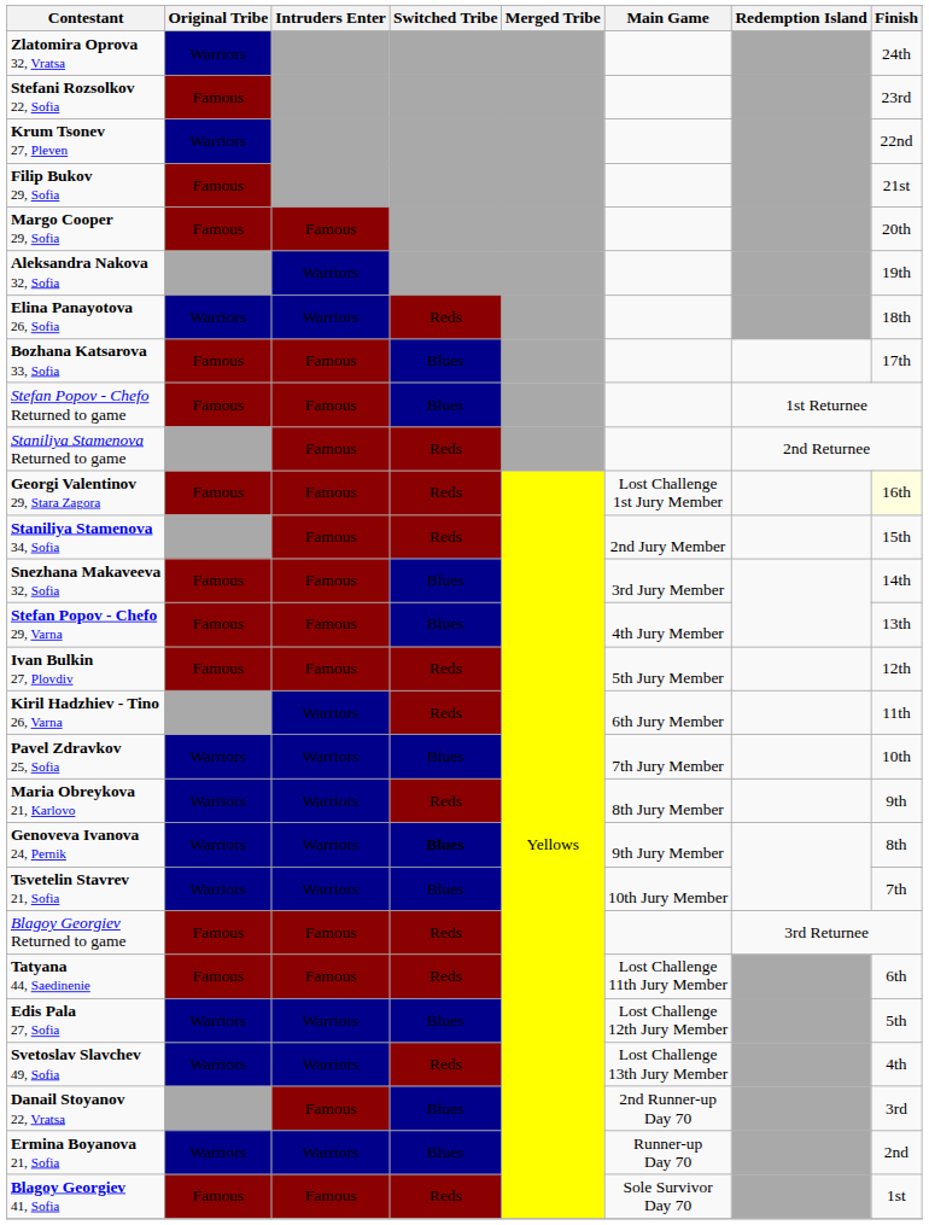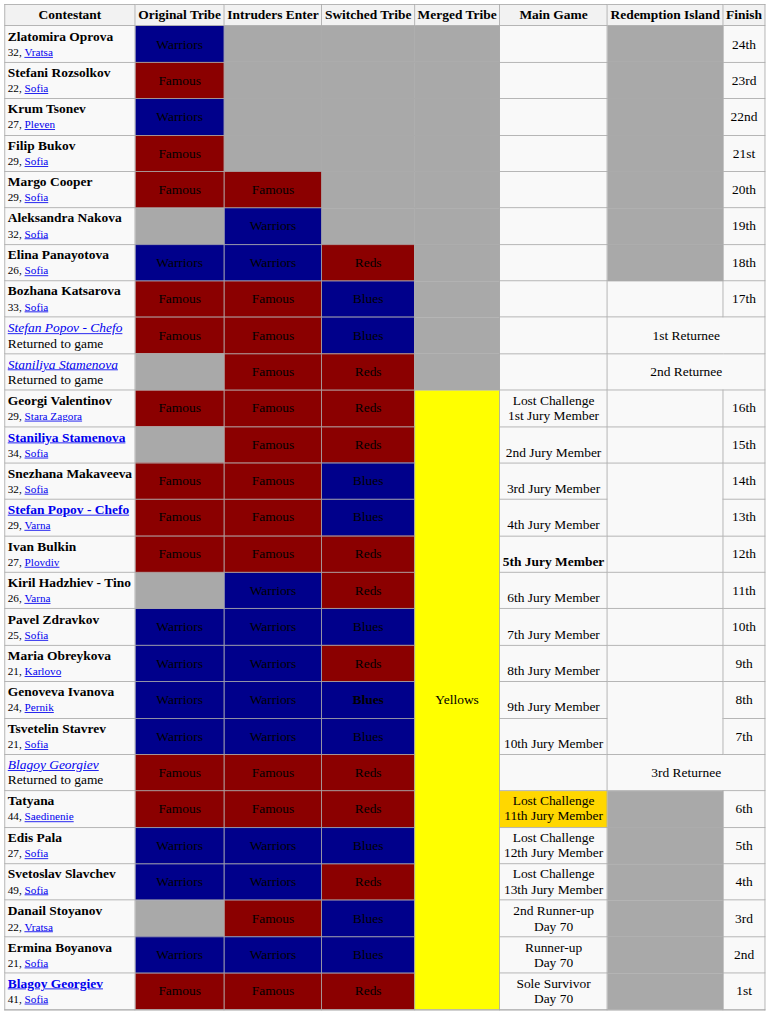 <table class="wikitable" style="margin:auto; text-align:center">
 <tr>
 <th>Contestant</th>
 <th>Original Tribe</th>
 <th>Intruders Enter</th>
 <th>Switched Tribe</th>
 <th>Merged Tribe</th>
 <th>Main Game</th>
 <th>Redemption Island</th>
 <th>Finish</th>
 </tr>
 <tr>
 <td align="left"><strong>Zlatomira Oprova</strong><br><small>32, <a href='#'>Vratsa</a></small></td>
 <td bgcolor="darkblue"><span>Warriors</span></td>
 <td bgcolor="darkgrey"></td>
 <td bgcolor="darkgrey"></td>
 <td bgcolor="darkgrey"></td>
 <td></td>
 <td bgcolor="darkgrey"></td>
 <td>24th</td>
 </tr>
 <tr>
 <td align="left"><strong>Stefani Rоzsolkov</strong><br><small>22, <a href='#'>Sofia</a></small></td>
 <td bgcolor="darkred"><span>Famous</span></td>
 <td bgcolor="darkgrey"></td>
 <td bgcolor="darkgrey"></td>
 <td bgcolor="darkgrey"></td>
 <td></td>
 <td bgcolor="darkgrey"></td>
 <td>23rd</td>
 </tr>
 <tr>
 <td align="left"><strong>Krum Tsonev</strong><br><small>27, <a href='#'>Pleven</a></small></td>
 <td bgcolor="darkblue"><span>Warriors</span></td>
 <td bgcolor="darkgrey"></td>
 <td bgcolor="darkgrey"></td>
 <td bgcolor="darkgrey"></td>
 <td></td>
 <td bgcolor="darkgrey"></td>
 <td>22nd</td>
 </tr>
 <tr>
 <td align="left"><strong>Filip Bukov</strong><br><small>29, <a href='#'>Sofia</a></small></td>
 <td bgcolor="darkred"><span>Famous</span></td>
 <td bgcolor="darkgrey"></td>
 <td bgcolor="darkgrey"></td>
 <td bgcolor="darkgrey"></td>
 <td></td>
 <td bgcolor="darkgrey"></td>
 <td>21st</td>
 </tr>
 <tr>
 <td align="left"><strong>Margo Cooper</strong><br><small>29, <a href='#'>Sofia</a></small></td>
 <td bgcolor="darkred"><span>Famous</span></td>
 <td bgcolor="darkred"><span>Famous</span></td>
 <td bgcolor="darkgrey"></td>
 <td bgcolor="darkgrey"></td>
 <td></td>
 <td bgcolor="darkgrey"></td>
 <td>20th</td>
 </tr>
 <tr>
 <td align="left"><strong>Aleksandra Nakova</strong><br><small>32, <a href='#'>Sofia</a></small></td>
 <td bgcolor="darkgrey"></td>
 <td bgcolor="darkblue"><span>Warriors</span></td>
 <td bgcolor="darkgrey"></td>
 <td bgcolor="darkgrey"></td>
 <td></td>
 <td bgcolor="darkgrey"></td>
 <td>19th</td>
 </tr>
 <tr>
 <td align="left"><strong>Elina Panayotova</strong><br><small>26, <a href='#'>Sofia</a></small></td>
 <td bgcolor="darkblue"><span>Warriors</span></td>
 <td bgcolor="darkblue"><span>Warriors</span></td>
 <td bgcolor="darkred"><span>Reds</span></td>
 <td bgcolor="darkgrey"></td>
 <td></td>
 <td bgcolor="darkgrey"></td>
 <td>18th</td>
 </tr>
 <tr>
 <td align="left"><strong>Bozhana Katsarova</strong><br><small>33, <a href='#'>Sofia</a></small></td>
 <td bgcolor="darkred"><span>Famous</span></td>
 <td bgcolor="darkred"><span>Famous</span></td>
 <td bgcolor="darkblue"><span>Blues</span></td>
 <td bgcolor="darkgrey"></td>
 <td></td>
 <td></td>
 <td>17th</td>
 </tr>
 <tr>
 <td align="left"><em><a href='#'>Stefan Popov - Chefo</a></em><br>Returned to game</td>
 <td bgcolor="darkred"><span>Famous</span></td>
 <td bgcolor="darkred"><span>Famous</span></td>
 <td bgcolor="darkblue"><span>Blues</span></td>
 <td bgcolor="darkgrey"></td>
 <td></td>
 <td colspan="2">1st Returnee</td>
 </tr>
 <tr>
 <td align="left"><em><a href='#'>Staniliya Stamenova</a></em><br>Returned to game</td>
 <td bgcolor="darkgrey"></td>
 <td bgcolor="darkred"><span>Famous</span></td>
 <td bgcolor="darkred"><span>Reds</span></td>
 <td bgcolor="darkgrey"></td>
 <td></td>
 <td colspan="2">2nd Returnee</td>
 </tr>
 <tr>
 <td align="left"><strong>Georgi Valentinov</strong><br><small>29, <a href='#'>Stara Zagora</a></small></td>
 <td bgcolor="darkred"><span>Famous</span></td>
 <td bgcolor="darkred"><span>Famous</span></td>
 <td bgcolor="darkred"><span>Reds</span></td>
 <td rowspan="17" bgcolor="yellow">Yellows</td>
 <td>Lost Challenge<br>1st Jury Member</td>
 <td></td>
-<td style="background: lightyellow;">16th</td>
+<td>16th</td>
 </tr>
 <tr>
 <td align="left"><strong><a href='#'>Staniliya Stamenova</a></strong><br><small>34, <a href='#'>Sofia</a></small></td>
 <td bgcolor="darkgrey"></td>
 <td bgcolor="darkred"><span>Famous</span></td>
 <td bgcolor="darkred"><span>Reds</span></td>
 <td><br>2nd Jury Member</td>
 <td></td>
 <td>15th</td>
 </tr>
 <tr>
 <td align="left"><strong>Snezhana Makaveeva</strong><br><small>32, <a href='#'>Sofia</a></small></td>
 <td bgcolor="darkred"><span>Famous</span></td>
 <td bgcolor="darkred"><span>Famous</span></td>
 <td bgcolor="darkblue"><span>Blues</span></td>
 <td><br>3rd Jury Member</td>
 <td rowspan="2"></td>
 <td>14th</td>
 </tr>
 <tr>
 <td align="left"><strong><a href='#'>Stefan Popov - Chefo</a></strong><br><small>29, <a href='#'>Varna</a></small></td>
 <td bgcolor="darkred"><span>Famous</span></td>
 <td bgcolor="darkred"><span>Famous</span></td>
 <td bgcolor="darkblue"><span>Blues</span></td>
 <td><br>4th Jury Member</td>
 <td>13th</td>
 </tr>
 <tr>
 <td align="left"><strong>Ivan Bulkin</strong><br><small>27, <a href='#'>Plovdiv</a></small></td>
 <td bgcolor="darkred"><span>Famous</span></td>
 <td bgcolor="darkred"><span>Famous</span></td>
 <td bgcolor="darkred"><span>Reds</span></td>
-<td><br>5th Jury Member</td>
+<td><strong><br>5th Jury Member</strong></td>
 <td></td>
 <td>12th</td>
 </tr>
 <tr>
 <td align="left"><strong>Kiril Hadzhiev - Tino</strong><br><small>26, <a href='#'>Varna</a></small></td>
 <td bgcolor="darkgrey"></td>
 <td bgcolor="darkblue"><span>Warriors</span></td>
 <td bgcolor="darkred"><span>Reds</span></td>
 <td><br>6th Jury Member</td>
 <td></td>
 <td>11th</td>
 </tr>
 <tr>
 <td align="left"><strong>Pavel Zdravkov</strong><br><small>25, <a href='#'>Sofia</a></small></td>
 <td bgcolor="darkblue"><span>Warriors</span></td>
 <td bgcolor="darkblue"><span>Warriors</span></td>
 <td bgcolor="darkblue"><span>Blues</span></td>
 <td><br>7th Jury Member</td>
 <td></td>
 <td>10th</td>
 </tr>
 <tr>
 <td align="left"><strong>Maria Obreykova</strong><br><small>21, <a href='#'>Karlovo</a></small></td>
 <td bgcolor="darkblue"><span>Warriors</span></td>
 <td bgcolor="darkblue"><span>Warriors</span></td>
 <td bgcolor="darkred"><span>Reds</span></td>
 <td><br>8th Jury Member</td>
 <td></td>
 <td>9th</td>
 </tr>
 <tr>
 <td align="left"><strong>Genoveva Ivanova</strong><br><small>24, <a href='#'>Pernik</a></small></td>
 <td bgcolor="darkblue"><span>Warriors</span></td>
 <td bgcolor="darkblue"><span>Warriors</span></td>
 <td bgcolor="darkblue"><strong><span>Blues</span></strong></td>
 <td><br>9th Jury Member</td>
 <td rowspan="2"></td>
 <td>8th</td>
 </tr>
 <tr>
 <td align="left"><strong>Tsvetelin Stavrev</strong><br><small>21, <a href='#'>Sofia</a></small></td>
 <td bgcolor="darkblue"><span>Warriors</span></td>
 <td bgcolor="darkblue"><span>Warriors</span></td>
 <td bgcolor="darkblue"><span>Blues</span></td>
 <td><br>10th Jury Member</td>
 <td>7th</td>
 </tr>
 <tr>
 <td align="left"><em><a href='#'>Blagoy Georgiev</a></em><br>Returned to game</td>
 <td bgcolor="darkred"><span>Famous</span></td>
 <td bgcolor="darkred"><span>Famous</span></td>
 <td bgcolor="darkred"><span>Reds</span></td>
 <td></td>
 <td colspan="2">3rd Returnee</td>
 </tr>
 <tr>
 <td align="left"><strong>Tatyana</strong><br><small>44, <a href='#'>Saedinenie</a></small></td>
 <td bgcolor="darkred"><span>Famous</span></td>
 <td bgcolor="darkred"><span>Famous</span></td>
 <td bgcolor="darkred"><span>Reds</span></td>
-<td>Lost Challenge<br>11th Jury Member</td>
+<td style="background: gold;">Lost Challenge<br>11th Jury Member</td>
 <td bgcolor="darkgrey"></td>
 <td>6th</td>
 </tr>
 <tr>
 <td align="left"><strong>Edis Pala</strong><br><small>27, <a href='#'>Sofia</a></small></td>
 <td bgcolor="darkblue"><span>Warriors</span></td>
 <td bgcolor="darkblue"><span>Warriors</span></td>
 <td bgcolor="darkblue"><span>Blues</span></td>
 <td>Lost Challenge<br>12th Jury Member</td>
 <td bgcolor="darkgrey"></td>
 <td>5th</td>
 </tr>
 <tr>
 <td align="left"><strong>Svetoslav Slavchev</strong><br><small>49, <a href='#'>Sofia</a></small></td>
 <td bgcolor="darkblue"><span>Warriors</span></td>
 <td bgcolor="darkblue"><span>Warriors</span></td>
 <td bgcolor="darkred"><span>Reds</span></td>
 <td>Lost Challenge<br>13th Jury Member</td>
 <td bgcolor="darkgrey"></td>
 <td>4th</td>
 </tr>
 <tr>
 <td align="left"><strong>Danail Stoyanov</strong><br><small>22, <a href='#'>Vratsa</a></small></td>
 <td bgcolor="darkgrey"></td>
 <td bgcolor="darkred"><span>Famous</span></td>
 <td bgcolor="darkblue"><span>Blues</span></td>
 <td>2nd Runner-up<br>Day 70</td>
 <td bgcolor="darkgrey"></td>
 <td>3rd</td>
 </tr>
 <tr>
 <td align="left"><strong>Ermina Boyanova</strong><br><small>21, <a href='#'>Sofia</a></small></td>
 <td bgcolor="darkblue"><span>Warriors</span></td>
 <td bgcolor="darkblue"><span>Warriors</span></td>
 <td bgcolor="darkblue"><span>Blues</span></td>
 <td>Runner-up<br>Day 70</td>
 <td bgcolor="darkgrey"></td>
 <td>2nd</td>
 </tr>
 <tr>
 <td align="left"><strong><a href='#'>Blagoy Georgiev</a></strong><br><small>41, <a href='#'>Sofia</a></small></td>
 <td bgcolor="darkred"><span>Famous</span></td>
 <td bgcolor="darkred"><span>Famous</span></td>
 <td bgcolor="darkred"><span>Reds</span></td>
 <td>Sole Survivor<br>Day 70</td>
 <td bgcolor="darkgrey"></td>
 <td>1st</td>
 </tr>
 <tr>
 </tr>
 </table>
